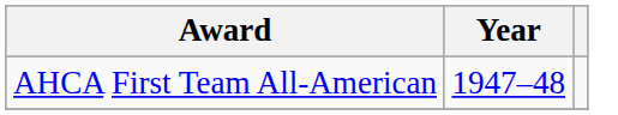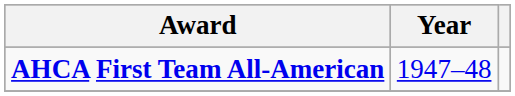 <table class="wikitable">
 <tr>
 <th>Award</th>
 <th>Year</th>
 <th></th>
 </tr>
 <tr>
-<td><a href='#'>AHCA</a> <a href='#'>First Team All-American</a></td>
+<td><strong><a href='#'>AHCA</a> <a href='#'>First Team All-American</a></strong></td>
 <td><a href='#'>1947–48</a></td>
 <td></td>
 </tr>
 <tr>
 </tr>
 </table>
